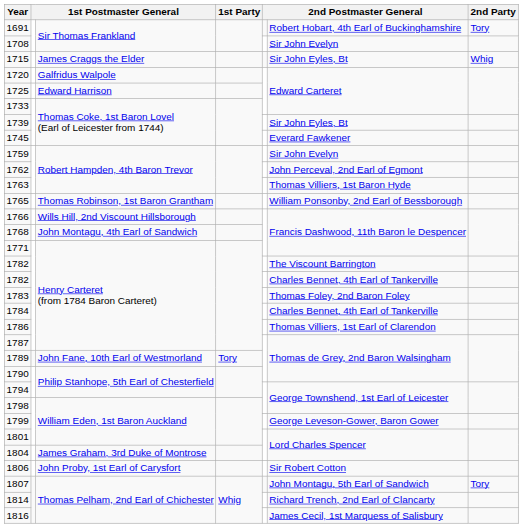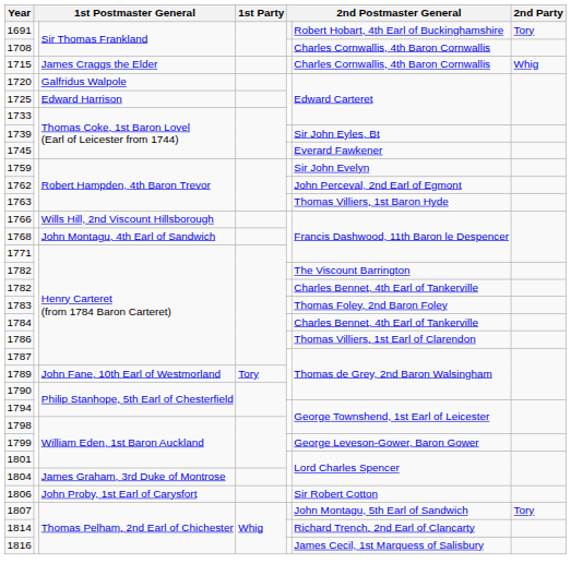 <table class="wikitable" border="1">
 <tr>
 <th>Year</th>
 <th colspan="2">1st Postmaster General</th>
 <th>1st Party</th>
 <th colspan="2">2nd Postmaster General</th>
 <th>2nd Party</th>
 </tr>
 <tr>
 <td>1691</td>
 <td rowspan="2" style="background-color: white"></td>
 <td rowspan="2"><a href='#'>Sir Thomas Frankland</a></td>
 <td rowspan="2"></td>
 <td style="background-color: "></td>
 <td><a href='#'>Robert Hobart, 4th Earl of Buckinghamshire</a></td>
 <td><a href='#'>Tory</a></td>
 </tr>
 <tr>
 <td>1708</td>
 <td style="background-color: white"></td>
-<td><a href='#'>Sir John Evelyn</a></td>
+<td><a href='#'>Charles Cornwallis, 4th Baron Cornwallis</a></td>
 <td></td>
 </tr>
 <tr>
 <td>1715</td>
 <td style="background-color: white"></td>
 <td><a href='#'>James Craggs the Elder</a></td>
 <td></td>
 <td style="background-color: "></td>
-<td><a href='#'>Sir John Eyles, Bt</a></td>
+<td><a href='#'>Charles Cornwallis, 4th Baron Cornwallis</a></td>
 <td><a href='#'>Whig</a></td>
 </tr>
 <tr>
 <td>1720</td>
 <td style="background-color: white"></td>
 <td><a href='#'>Galfridus Walpole</a></td>
 <td></td>
 <td rowspan="3" style="background-color: white"></td>
 <td rowspan="3"><a href='#'>Edward Carteret</a></td>
 <td rowspan="3"></td>
 </tr>
 <tr>
 <td>1725</td>
 <td style="background-color: white"></td>
 <td><a href='#'>Edward Harrison</a></td>
 <td></td>
 </tr>
 <tr>
 <td>1733</td>
 <td rowspan="3" style="background-color: white"></td>
 <td rowspan="3"><a href='#'>Thomas Coke, 1st Baron Lovel</a> <br>(Earl of Leicester from 1744)</td>
 <td rowspan="3"></td>
 </tr>
 <tr>
 <td>1739</td>
 <td style="background-color: white"></td>
 <td><a href='#'>Sir John Eyles, Bt</a></td>
 <td></td>
 </tr>
 <tr>
 <td>1745</td>
 <td style="background-color: white"></td>
 <td><a href='#'>Everard Fawkener</a></td>
 <td></td>
 </tr>
 <tr>
 <td>1759</td>
 <td rowspan="3" style="background-color: white"></td>
 <td rowspan="3"><a href='#'>Robert Hampden, 4th Baron Trevor</a></td>
 <td rowspan="3"></td>
 <td style="background-color: white"></td>
 <td><a href='#'>Sir John Evelyn</a></td>
 <td></td>
 </tr>
 <tr>
 <td>1762</td>
 <td style="background-color: white"></td>
 <td><a href='#'>John Perceval, 2nd Earl of Egmont</a></td>
 <td></td>
 </tr>
 <tr>
 <td>1763</td>
 <td style="background-color: white"></td>
 <td><a href='#'>Thomas Villiers, 1st Baron Hyde</a></td>
-<td></td>
-</tr>
-<tr>
-<td>1765</td>
-<td style="background-color: white"></td>
-<td><a href='#'>Thomas Robinson, 1st Baron Grantham</a></td>
-<td></td>
-<td style="background-color: white"></td>
-<td><a href='#'>William Ponsonby, 2nd Earl of Bessborough</a></td>
 <td></td>
 </tr>
 <tr>
 <td>1766</td>
 <td style="background-color: white"></td>
 <td><a href='#'>Wills Hill, 2nd Viscount Hillsborough</a></td>
 <td></td>
 <td rowspan="3" style="background-color: white"></td>
 <td rowspan="3"><a href='#'>Francis Dashwood, 11th Baron le Despencer</a></td>
 <td rowspan="3"></td>
 </tr>
 <tr>
 <td>1768</td>
 <td style="background-color: white"></td>
 <td><a href='#'>John Montagu, 4th Earl of Sandwich</a></td>
 <td></td>
 </tr>
 <tr>
 <td>1771</td>
 <td rowspan="7" style="background-color: white"></td>
 <td rowspan="7"><a href='#'>Henry Carteret</a><br>(from 1784 Baron Carteret)</td>
 <td rowspan="7"></td>
 </tr>
 <tr>
 <td>1782</td>
 <td style="background-color: white"></td>
 <td><a href='#'>The Viscount Barrington</a></td>
 <td></td>
 </tr>
 <tr>
 <td>1782</td>
 <td style="background-color: white"></td>
 <td><a href='#'>Charles Bennet, 4th Earl of Tankerville</a></td>
 <td></td>
 </tr>
 <tr>
 <td>1783</td>
 <td style="background-color: white"></td>
 <td><a href='#'>Thomas Foley, 2nd Baron Foley</a></td>
 <td></td>
 </tr>
 <tr>
 <td>1784</td>
 <td style="background-color: white"></td>
 <td><a href='#'>Charles Bennet, 4th Earl of Tankerville</a></td>
 <td></td>
 </tr>
 <tr>
 <td>1786</td>
 <td style="background-color: white"></td>
 <td><a href='#'>Thomas Villiers, 1st Earl of Clarendon</a></td>
 <td></td>
 </tr>
 <tr>
 <td>1787</td>
 <td rowspan="3" style="background-color: white"></td>
 <td rowspan="3"><a href='#'>Thomas de Grey, 2nd Baron Walsingham</a></td>
 <td rowspan="3"></td>
 </tr>
 <tr>
 <td>1789</td>
 <td style="background-color: "></td>
 <td><a href='#'>John Fane, 10th Earl of Westmorland</a></td>
 <td><a href='#'>Tory</a></td>
 </tr>
 <tr>
 <td>1790</td>
 <td rowspan="2" style="background-color: white"></td>
 <td rowspan="2"><a href='#'>Philip Stanhope, 5th Earl of Chesterfield</a></td>
 <td rowspan="2"></td>
 </tr>
 <tr>
 <td>1794</td>
 <td rowspan="2" style="background-color: white"></td>
 <td rowspan="2"><a href='#'>George Townshend, 1st Earl of Leicester</a></td>
 <td rowspan="2"></td>
 </tr>
 <tr>
 <td>1798</td>
 <td rowspan="3"  style="background-color: white"></td>
 <td rowspan="3"><a href='#'>William Eden, 1st Baron Auckland</a></td>
 <td rowspan="3"></td>
 </tr>
 <tr>
 <td>1799</td>
 <td style="background-color: white"></td>
 <td><a href='#'>George Leveson-Gower, Baron Gower</a></td>
 <td></td>
 </tr>
 <tr>
 <td>1801</td>
 <td rowspan="2" style="background-color: white"></td>
 <td rowspan="2"><a href='#'>Lord Charles Spencer</a></td>
 <td rowspan="2"></td>
 </tr>
 <tr>
 <td>1804</td>
 <td style="background-color: white"></td>
 <td><a href='#'>James Graham, 3rd Duke of Montrose</a></td>
 <td></td>
 </tr>
 <tr>
 <td>1806</td>
 <td style="background-color: white"></td>
 <td><a href='#'>John Proby, 1st Earl of Carysfort</a></td>
 <td></td>
 <td style="background-color: white"></td>
 <td><a href='#'>Sir Robert Cotton</a></td>
 <td></td>
 </tr>
 <tr>
 <td>1807</td>
 <td rowspan="3" style="background-color: "></td>
 <td rowspan="3"><a href='#'>Thomas Pelham, 2nd Earl of Chichester</a></td>
 <td rowspan="3"><a href='#'>Whig</a></td>
 <td style="background-color: "></td>
 <td><a href='#'>John Montagu, 5th Earl of Sandwich</a></td>
 <td><a href='#'>Tory</a></td>
 </tr>
 <tr>
 <td>1814</td>
 <td style="background-color: white"></td>
 <td><a href='#'>Richard Trench, 2nd Earl of Clancarty</a></td>
 <td></td>
 </tr>
 <tr>
 <td>1816</td>
 <td style="background-color: white"></td>
 <td><a href='#'>James Cecil, 1st Marquess of Salisbury</a></td>
 <td></td>
 </tr>
 </table>
